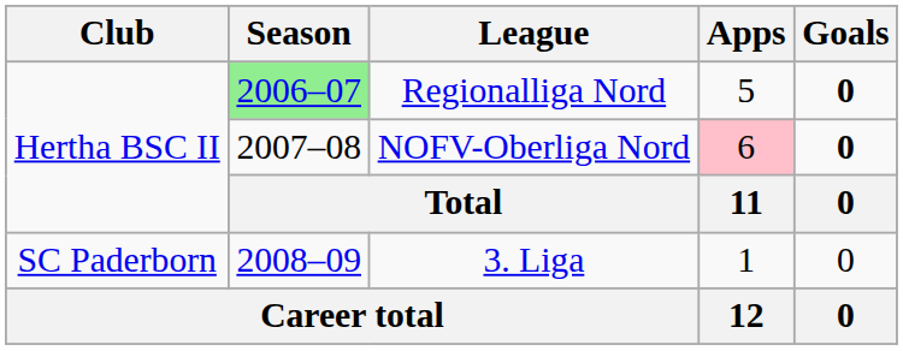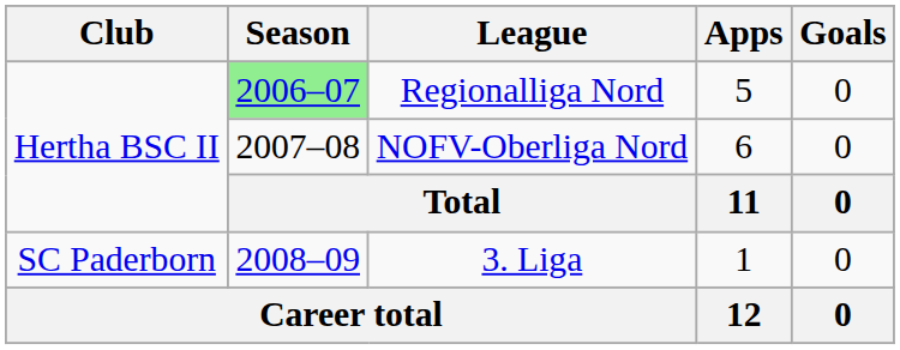 <table class="wikitable" style="text-align:center">
 <tr>
 <th>Club</th>
 <th>Season</th>
 <th>League</th>
 <th>Apps</th>
 <th>Goals</th>
 </tr>
 <tr>
 <td rowspan="3"><a href='#'>Hertha BSC II</a></td>
 <td style="background: lightgreen;"><a href='#'>2006–07</a></td>
 <td><a href='#'>Regionalliga Nord</a></td>
 <td>5</td>
-<td><strong>0</strong></td>
+<td>0</td>
 </tr>
 <tr>
 <td>2007–08</td>
 <td><a href='#'>NOFV-Oberliga Nord</a></td>
-<td style="background: pink;">6</td>
-<td><strong>0</strong></td>
+<td>6</td>
+<td>0</td>
 </tr>
 <tr>
 <th colspan="2">Total</th>
 <th>11</th>
 <th>0</th>
 </tr>
 <tr>
 <td><a href='#'>SC Paderborn</a></td>
 <td><a href='#'>2008–09</a></td>
 <td><a href='#'>3. Liga</a></td>
 <td>1</td>
 <td>0</td>
 </tr>
 <tr>
 <th colspan="3">Career total</th>
 <th>12</th>
 <th>0</th>
 </tr>
 </table>
